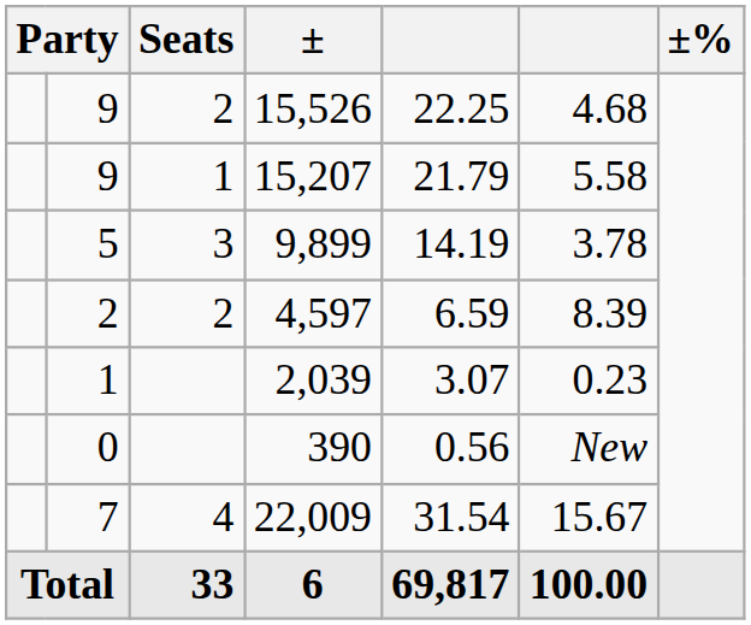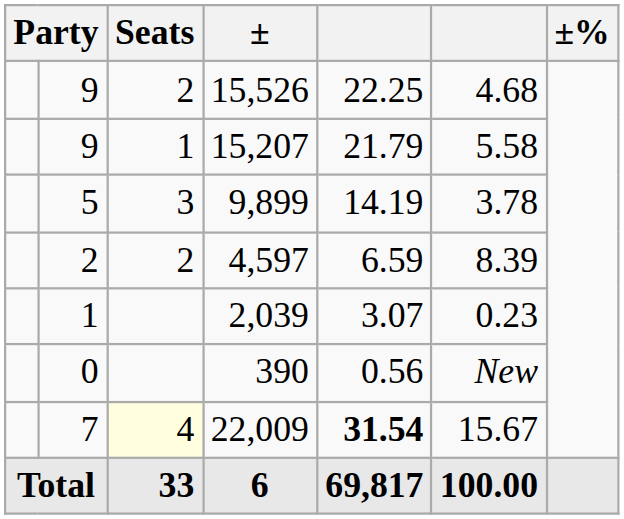 <table class=wikitable>
 <tr>
 <th colspan=2 align=center>Party</th>
 <th>Seats</th>
 <th>±</th>
 <th></th>
 <th></th>
 <th>±%</th>
 </tr>
 <tr>
 <td></td>
 <td align=right>9</td>
 <td align=right> 2</td>
 <td align=right>15,526</td>
 <td align=right>22.25</td>
 <td align=right> 4.68</td>
 </tr>
 <tr>
 <td></td>
 <td align=right>9</td>
 <td align=right> 1</td>
 <td align=right>15,207</td>
 <td align=right>21.79</td>
 <td align=right> 5.58</td>
 </tr>
 <tr>
 <td></td>
 <td align=right>5</td>
 <td align=right> 3</td>
 <td align=right>9,899</td>
 <td align=right>14.19</td>
 <td align=right> 3.78</td>
 </tr>
 <tr>
 <td></td>
 <td align=right>2</td>
 <td align=right> 2</td>
 <td align=right>4,597</td>
 <td align=right>6.59</td>
 <td align=right> 8.39</td>
 </tr>
 <tr>
 <td></td>
 <td align=right>1</td>
 <td align=right></td>
 <td align=right>2,039</td>
 <td align=right>3.07</td>
 <td align=right> 0.23</td>
 </tr>
 <tr>
 <td></td>
 <td align=right>0</td>
 <td align=right></td>
 <td align=right>390</td>
 <td align=right>0.56</td>
 <td align=right><em>New</em></td>
 </tr>
 <tr>
 <td></td>
 <td align=right>7</td>
-<td align=right> 4</td>
+<td align=right style="background: lightyellow;"> 4</td>
 <td align=right>22,009</td>
-<td align=right>31.54</td>
+<td align=right><strong>31.54</strong></td>
 <td align=right> 15.67</td>
 </tr>
 <tr style="font-weight:bold; background:rgb(232,232,232);">
 <td colspan=2 align=center>Total</td>
 <td align=right>33</td>
 <td align=center> 6</td>
 <td align=right>69,817</td>
 <td align=center>100.00</td>
 <td align=center></td>
 </tr>
 </table>
